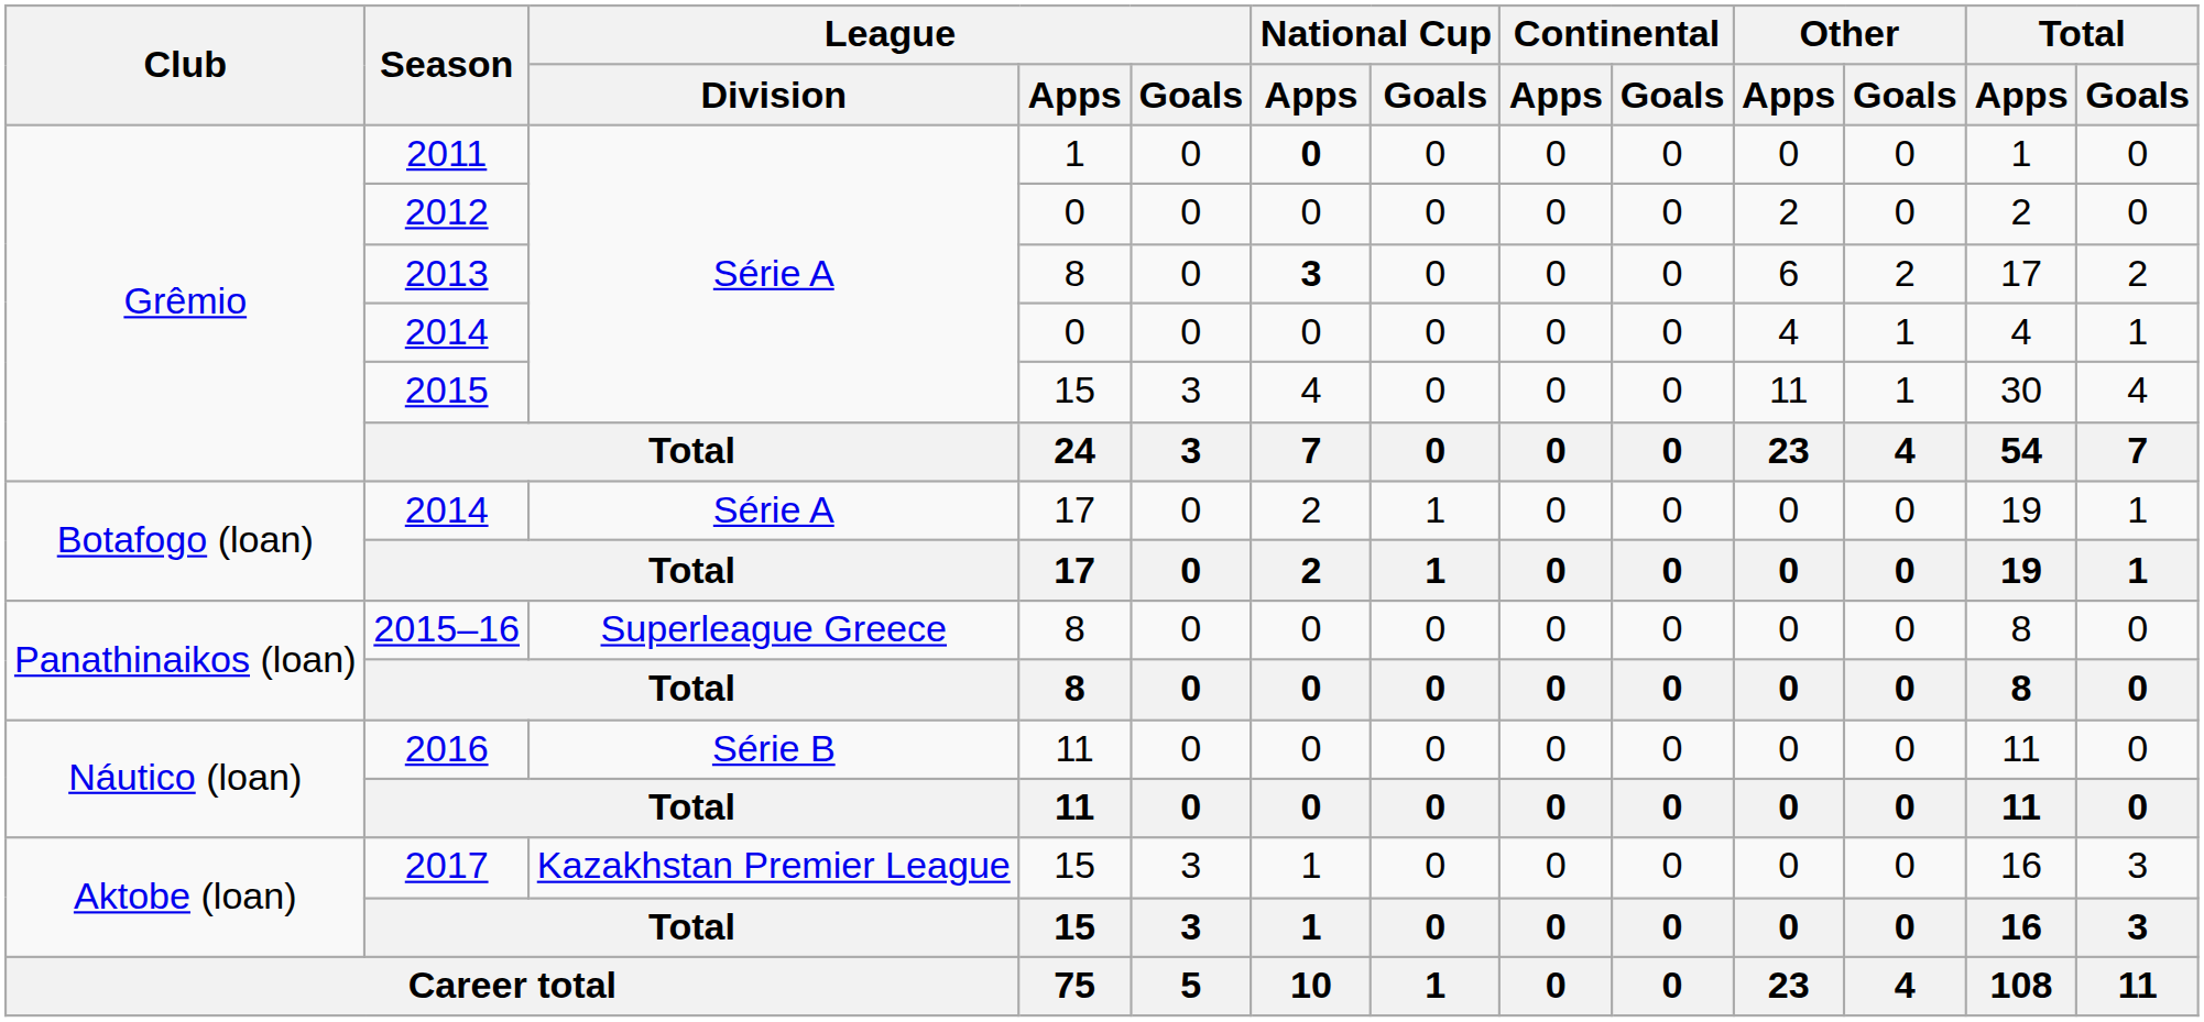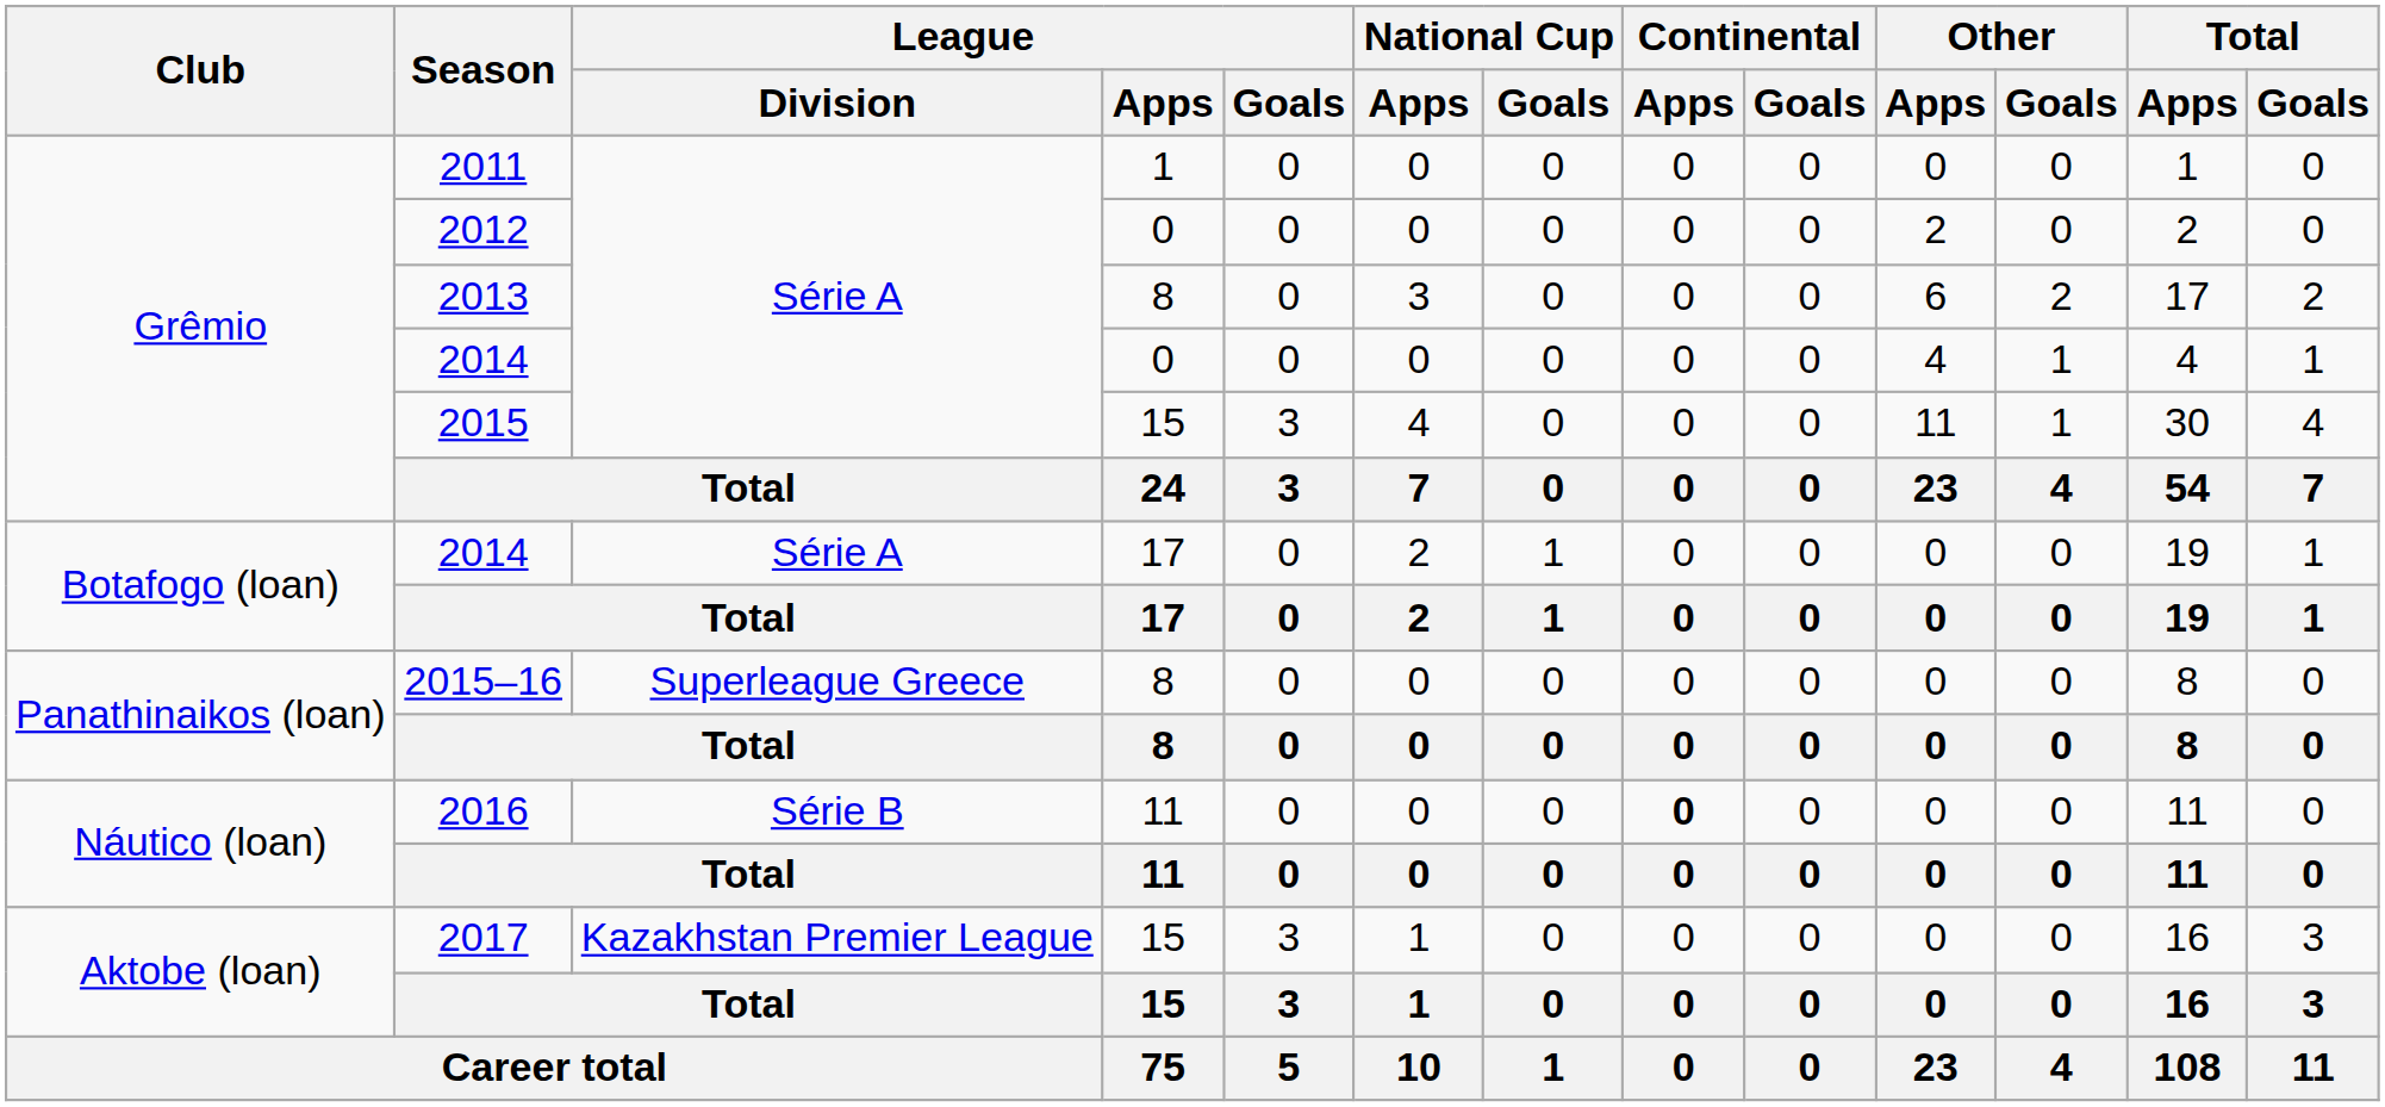 <table class="wikitable" style="text-align: center;">
 <tr>
 <th rowspan="2">Club</th>
 <th rowspan="2">Season</th>
 <th colspan="3">League</th>
 <th colspan="2">National Cup</th>
 <th colspan="2">Continental</th>
 <th colspan="2">Other</th>
 <th colspan="2">Total</th>
 </tr>
 <tr>
 <th>Division</th>
 <th>Apps</th>
 <th>Goals</th>
 <th>Apps</th>
 <th>Goals</th>
 <th>Apps</th>
 <th>Goals</th>
 <th>Apps</th>
 <th>Goals</th>
 <th>Apps</th>
 <th>Goals</th>
 </tr>
 <tr>
 <td rowspan="6"><a href='#'>Grêmio</a></td>
 <td><a href='#'>2011</a></td>
 <td rowspan="5"><a href='#'>Série A</a></td>
 <td>1</td>
 <td>0</td>
-<td><strong>0</strong></td>
+<td>0</td>
 <td>0</td>
 <td>0</td>
 <td>0</td>
 <td>0</td>
 <td>0</td>
 <td>1</td>
 <td>0</td>
 </tr>
 <tr>
 <td><a href='#'>2012</a></td>
 <td>0</td>
 <td>0</td>
 <td>0</td>
 <td>0</td>
 <td>0</td>
 <td>0</td>
 <td>2</td>
 <td>0</td>
 <td>2</td>
 <td>0</td>
 </tr>
 <tr>
 <td><a href='#'>2013</a></td>
 <td>8</td>
 <td>0</td>
-<td><strong>3</strong></td>
+<td>3</td>
 <td>0</td>
 <td>0</td>
 <td>0</td>
 <td>6</td>
 <td>2</td>
 <td>17</td>
 <td>2</td>
 </tr>
 <tr>
 <td><a href='#'>2014</a></td>
 <td>0</td>
 <td>0</td>
 <td>0</td>
 <td>0</td>
 <td>0</td>
 <td>0</td>
 <td>4</td>
 <td>1</td>
 <td>4</td>
 <td>1</td>
 </tr>
 <tr>
 <td><a href='#'>2015</a></td>
 <td>15</td>
 <td>3</td>
 <td>4</td>
 <td>0</td>
 <td>0</td>
 <td>0</td>
 <td>11</td>
 <td>1</td>
 <td>30</td>
 <td>4</td>
 </tr>
 <tr>
 <th colspan="2">Total</th>
 <th>24</th>
 <th>3</th>
 <th>7</th>
 <th>0</th>
 <th>0</th>
 <th>0</th>
 <th>23</th>
 <th>4</th>
 <th>54</th>
 <th>7</th>
 </tr>
 <tr>
 <td rowspan="2"><a href='#'>Botafogo</a> (loan)</td>
 <td><a href='#'>2014</a></td>
 <td><a href='#'>Série A</a></td>
 <td>17</td>
 <td>0</td>
 <td>2</td>
 <td>1</td>
 <td>0</td>
 <td>0</td>
 <td>0</td>
 <td>0</td>
 <td>19</td>
 <td>1</td>
 </tr>
 <tr>
 <th colspan="2">Total</th>
 <th>17</th>
 <th>0</th>
 <th>2</th>
 <th>1</th>
 <th>0</th>
 <th>0</th>
 <th>0</th>
 <th>0</th>
 <th>19</th>
 <th>1</th>
 </tr>
 <tr>
 <td rowspan="2"><a href='#'>Panathinaikos</a> (loan)</td>
 <td><a href='#'>2015–16</a></td>
 <td><a href='#'>Superleague Greece</a></td>
 <td>8</td>
 <td>0</td>
 <td>0</td>
 <td>0</td>
 <td>0</td>
 <td>0</td>
 <td>0</td>
 <td>0</td>
 <td>8</td>
 <td>0</td>
 </tr>
 <tr>
 <th colspan="2">Total</th>
 <th>8</th>
 <th>0</th>
 <th>0</th>
 <th>0</th>
 <th>0</th>
 <th>0</th>
 <th>0</th>
 <th>0</th>
 <th>8</th>
 <th>0</th>
 </tr>
 <tr>
 <td rowspan="2"><a href='#'>Náutico</a> (loan)</td>
 <td><a href='#'>2016</a></td>
 <td><a href='#'>Série B</a></td>
 <td>11</td>
 <td>0</td>
 <td>0</td>
 <td>0</td>
-<td>0</td>
+<td><strong>0</strong></td>
 <td>0</td>
 <td>0</td>
 <td>0</td>
 <td>11</td>
 <td>0</td>
 </tr>
 <tr>
 <th colspan="2">Total</th>
 <th>11</th>
 <th>0</th>
 <th>0</th>
 <th>0</th>
 <th>0</th>
 <th>0</th>
 <th>0</th>
 <th>0</th>
 <th>11</th>
 <th>0</th>
 </tr>
 <tr>
 <td rowspan="2"><a href='#'>Aktobe</a> (loan)</td>
 <td><a href='#'>2017</a></td>
 <td><a href='#'>Kazakhstan Premier League</a></td>
 <td>15</td>
 <td>3</td>
 <td>1</td>
 <td>0</td>
 <td>0</td>
 <td>0</td>
 <td>0</td>
 <td>0</td>
 <td>16</td>
 <td>3</td>
 </tr>
 <tr>
 <th colspan="2">Total</th>
 <th>15</th>
 <th>3</th>
 <th>1</th>
 <th>0</th>
 <th>0</th>
 <th>0</th>
 <th>0</th>
 <th>0</th>
 <th>16</th>
 <th>3</th>
 </tr>
 <tr>
 <th colspan="3">Career total</th>
 <th>75</th>
 <th>5</th>
 <th>10</th>
 <th>1</th>
 <th>0</th>
 <th>0</th>
 <th>23</th>
 <th>4</th>
 <th>108</th>
 <th>11</th>
 </tr>
 </table>
